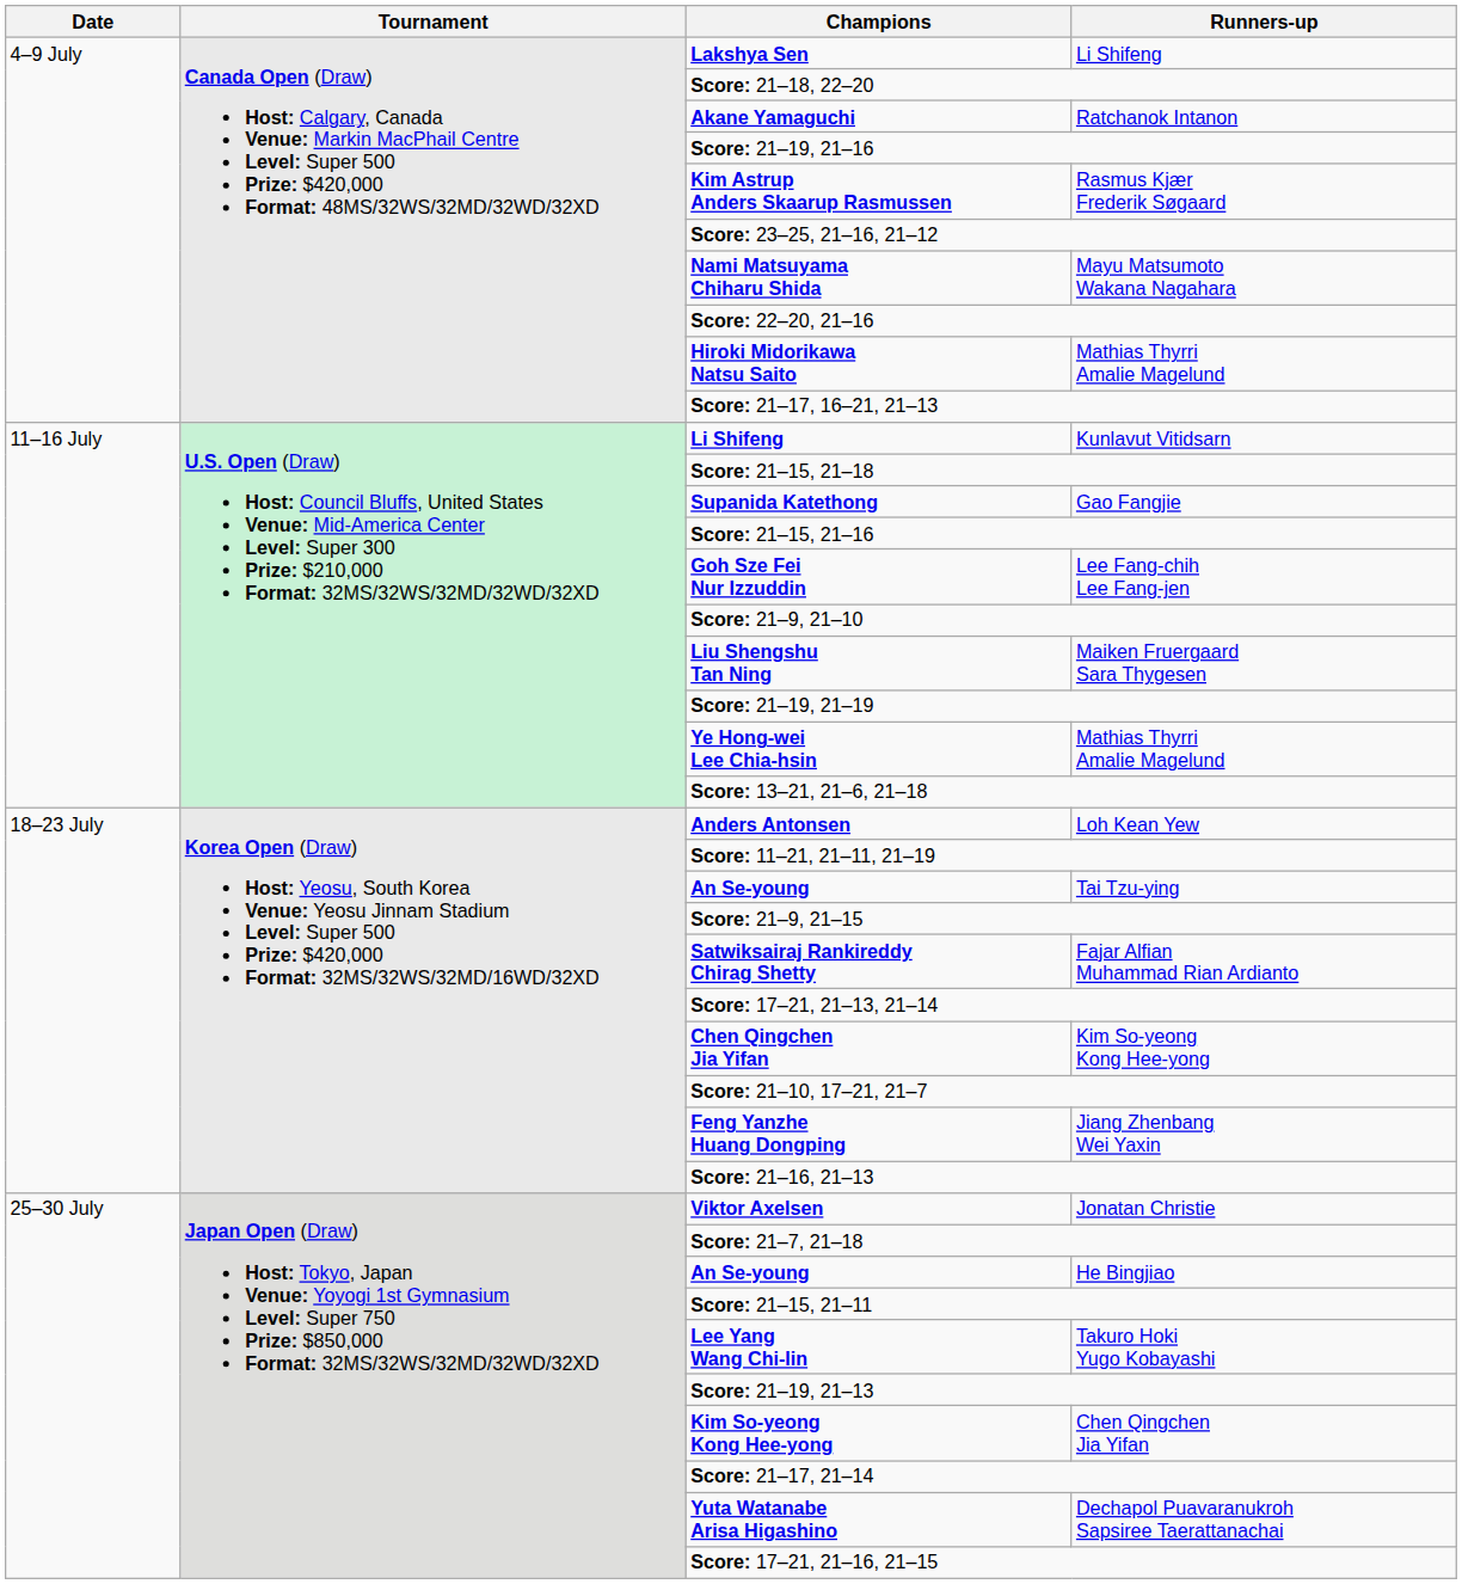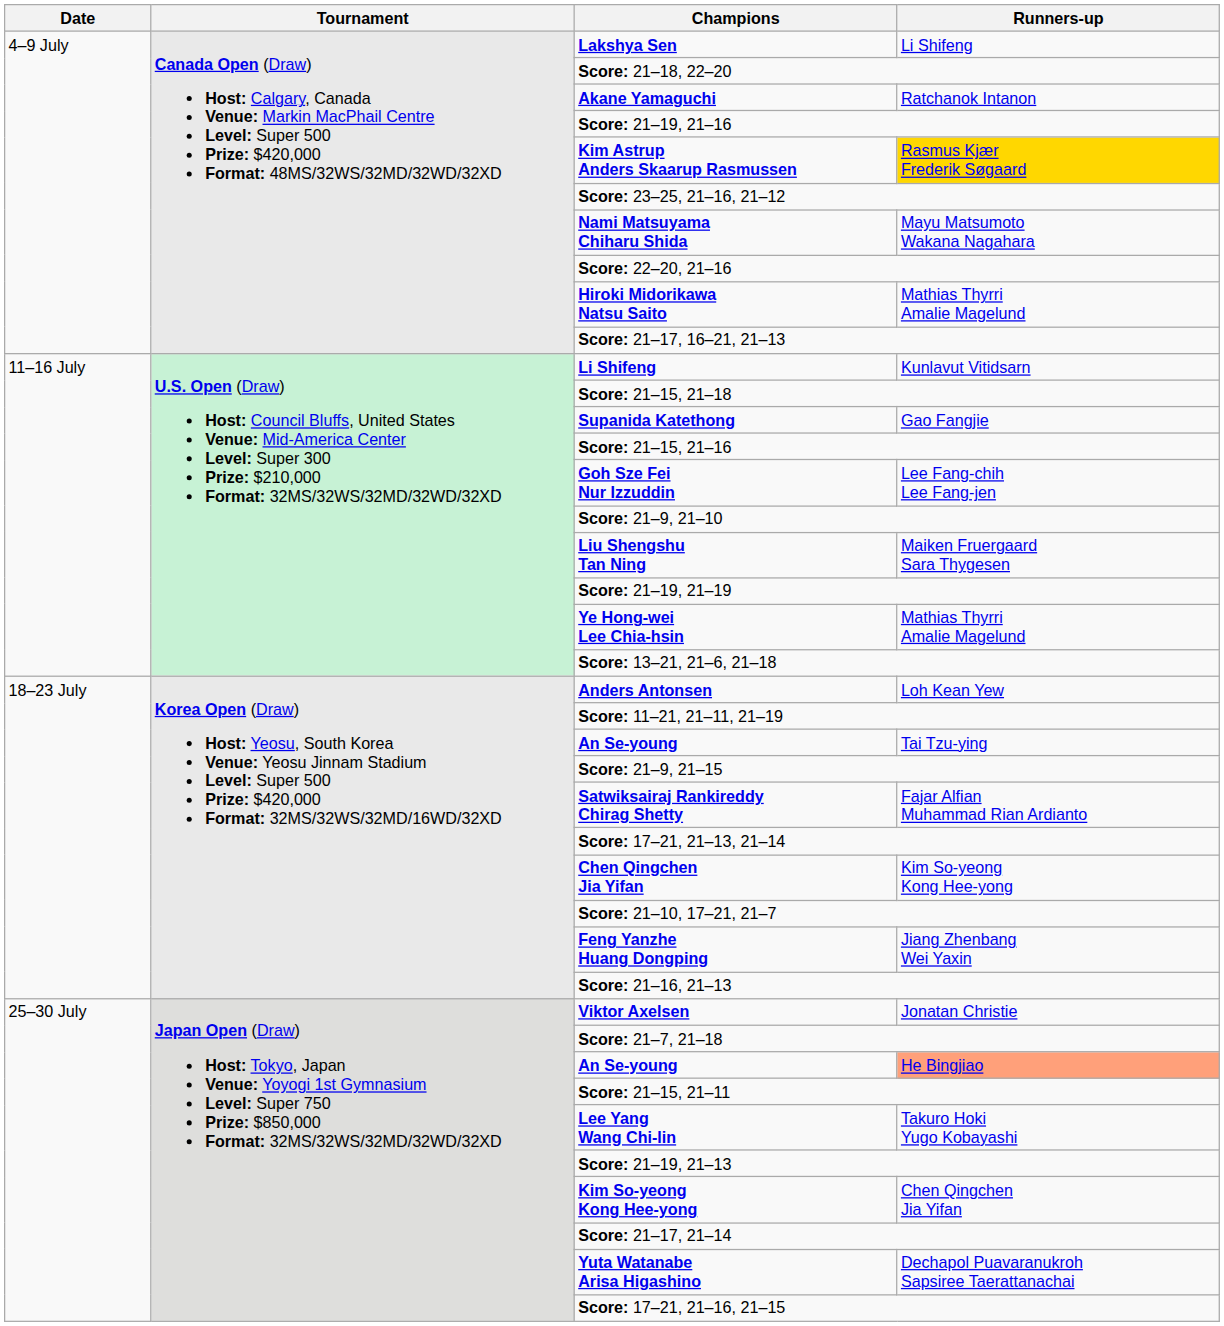 <table class="wikitable" style="font-size:80%">
 <tr>
 <th width="110">Date</th>
 <th width="330">Tournament</th>
 <th width="250">Champions</th>
 <th width="250">Runners-up</th>
 </tr>
 <tr valign="top">
 <td rowspan="10">4–9 July</td>
 <td bgcolor="#E9E9E9" rowspan="10"><br><strong><a href='#'>Canada Open</a></strong> (<a href='#'>Draw</a>)<ul><li><strong>Host:</strong> <a href='#'>Calgary</a>, Canada</li><li><strong>Venue:</strong> <a href='#'>Markin MacPhail Centre</a></li><li><strong>Level:</strong> Super 500</li><li><strong>Prize:</strong> $420,000</li><li><strong>Format:</strong> 48MS/32WS/32MD/32WD/32XD</li></ul></td>
 <td><strong> <a href='#'>Lakshya Sen</a></strong></td>
 <td> <a href='#'>Li Shifeng</a></td>
 </tr>
 <tr>
 <td colspan="2"><strong>Score:</strong> 21–18, 22–20</td>
 </tr>
 <tr valign="top">
 <td><strong> <a href='#'>Akane Yamaguchi</a></strong></td>
 <td> <a href='#'>Ratchanok Intanon</a></td>
 </tr>
 <tr>
 <td colspan="2"><strong>Score:</strong> 21–19, 21–16</td>
 </tr>
 <tr valign="top">
 <td><strong> <a href='#'>Kim Astrup</a><br> <a href='#'>Anders Skaarup Rasmussen</a></strong></td>
-<td> <a href='#'>Rasmus Kjær</a><br> <a href='#'>Frederik Søgaard</a></td>
+<td style="background: gold;"> <a href='#'>Rasmus Kjær</a><br> <a href='#'>Frederik Søgaard</a></td>
 </tr>
 <tr>
 <td colspan="2"><strong>Score:</strong> 23–25, 21–16, 21–12</td>
 </tr>
 <tr valign="top">
 <td><strong> <a href='#'>Nami Matsuyama</a><br> <a href='#'>Chiharu Shida</a></strong></td>
 <td> <a href='#'>Mayu Matsumoto</a><br> <a href='#'>Wakana Nagahara</a></td>
 </tr>
 <tr>
 <td colspan="2"><strong>Score:</strong> 22–20, 21–16</td>
 </tr>
 <tr valign="top">
 <td><strong> <a href='#'>Hiroki Midorikawa</a><br> <a href='#'>Natsu Saito</a></strong></td>
 <td> <a href='#'>Mathias Thyrri</a><br> <a href='#'>Amalie Magelund</a></td>
 </tr>
 <tr>
 <td colspan="2"><strong>Score:</strong> 21–17, 16–21, 21–13</td>
 </tr>
 <tr valign="top">
 <td rowspan="10">11–16 July</td>
 <td bgcolor="#C7F2D5" rowspan="10"><br><strong><a href='#'>U.S. Open</a></strong> (<a href='#'>Draw</a>)<ul><li><strong>Host:</strong> <a href='#'>Council Bluffs</a>, United States</li><li><strong>Venue:</strong> <a href='#'>Mid-America Center</a></li><li><strong>Level:</strong> Super 300</li><li><strong>Prize:</strong> $210,000</li><li><strong>Format:</strong> 32MS/32WS/32MD/32WD/32XD</li></ul></td>
 <td><strong> <a href='#'>Li Shifeng</a></strong></td>
 <td> <a href='#'>Kunlavut Vitidsarn</a></td>
 </tr>
 <tr>
 <td colspan="2"><strong>Score:</strong> 21–15, 21–18</td>
 </tr>
 <tr valign="top">
 <td><strong> <a href='#'>Supanida Katethong</a></strong></td>
 <td> <a href='#'>Gao Fangjie</a></td>
 </tr>
 <tr>
 <td colspan="2"><strong>Score:</strong> 21–15, 21–16</td>
 </tr>
 <tr valign="top">
 <td><strong> <a href='#'>Goh Sze Fei</a><br> <a href='#'>Nur Izzuddin</a></strong></td>
 <td> <a href='#'>Lee Fang-chih</a><br> <a href='#'>Lee Fang-jen</a></td>
 </tr>
 <tr>
 <td colspan="2"><strong>Score:</strong> 21–9, 21–10</td>
 </tr>
 <tr valign="top">
 <td><strong> <a href='#'>Liu Shengshu</a><br> <a href='#'>Tan Ning</a></strong></td>
 <td> <a href='#'>Maiken Fruergaard</a><br> <a href='#'>Sara Thygesen</a></td>
 </tr>
 <tr>
 <td colspan="2"><strong>Score:</strong> 21–19, 21–19</td>
 </tr>
 <tr valign="top">
 <td><strong> <a href='#'>Ye Hong-wei</a><br> <a href='#'>Lee Chia-hsin</a></strong></td>
 <td> <a href='#'>Mathias Thyrri</a><br> <a href='#'>Amalie Magelund</a></td>
 </tr>
 <tr>
 <td colspan="2"><strong>Score:</strong> 13–21, 21–6, 21–18</td>
 </tr>
 <tr valign="top">
 <td rowspan="10">18–23 July</td>
 <td bgcolor="#E9E9E9" rowspan="10"><br><strong><a href='#'>Korea Open</a></strong> (<a href='#'>Draw</a>)<ul><li><strong>Host:</strong> <a href='#'>Yeosu</a>, South Korea</li><li><strong>Venue:</strong> Yeosu Jinnam Stadium</li><li><strong>Level:</strong> Super 500</li><li><strong>Prize:</strong> $420,000</li><li><strong>Format:</strong> 32MS/32WS/32MD/16WD/32XD</li></ul></td>
 <td><strong> <a href='#'>Anders Antonsen</a></strong></td>
 <td> <a href='#'>Loh Kean Yew</a></td>
 </tr>
 <tr>
 <td colspan="2"><strong>Score:</strong> 11–21, 21–11, 21–19</td>
 </tr>
 <tr valign="top">
 <td><strong> <a href='#'>An Se-young</a></strong></td>
 <td> <a href='#'>Tai Tzu-ying</a></td>
 </tr>
 <tr>
 <td colspan="2"><strong>Score:</strong> 21–9, 21–15</td>
 </tr>
 <tr valign="top">
 <td><strong> <a href='#'>Satwiksairaj Rankireddy</a><br> <a href='#'>Chirag Shetty</a></strong></td>
 <td> <a href='#'>Fajar Alfian</a><br> <a href='#'>Muhammad Rian Ardianto</a></td>
 </tr>
 <tr>
 <td colspan="2"><strong>Score:</strong> 17–21, 21–13, 21–14</td>
 </tr>
 <tr valign="top">
 <td><strong> <a href='#'>Chen Qingchen</a><br> <a href='#'>Jia Yifan</a></strong></td>
 <td> <a href='#'>Kim So-yeong</a><br> <a href='#'>Kong Hee-yong</a></td>
 </tr>
 <tr>
 <td colspan="2"><strong>Score:</strong> 21–10, 17–21, 21–7</td>
 </tr>
 <tr valign="top">
 <td><strong> <a href='#'>Feng Yanzhe</a><br> <a href='#'>Huang Dongping</a></strong></td>
 <td> <a href='#'>Jiang Zhenbang</a><br> <a href='#'>Wei Yaxin</a></td>
 </tr>
 <tr>
 <td colspan="2"><strong>Score:</strong> 21–16, 21–13</td>
 </tr>
 <tr valign="top">
 <td rowspan="10">25–30 July</td>
 <td bgcolor="#DEDEDC" rowspan="10"><br><strong><a href='#'>Japan Open</a></strong> (<a href='#'>Draw</a>)<ul><li><strong>Host:</strong> <a href='#'>Tokyo</a>, Japan</li><li><strong>Venue:</strong> <a href='#'>Yoyogi 1st Gymnasium</a></li><li><strong>Level:</strong> Super 750</li><li><strong>Prize:</strong> $850,000</li><li><strong>Format:</strong> 32MS/32WS/32MD/32WD/32XD</li></ul></td>
 <td><strong> <a href='#'>Viktor Axelsen</a></strong></td>
 <td> <a href='#'>Jonatan Christie</a></td>
 </tr>
 <tr>
 <td colspan="2"><strong>Score:</strong> 21–7, 21–18</td>
 </tr>
 <tr valign="top">
 <td><strong> <a href='#'>An Se-young</a></strong></td>
-<td> <a href='#'>He Bingjiao</a></td>
+<td style="background: lightsalmon;"> <a href='#'>He Bingjiao</a></td>
 </tr>
 <tr>
 <td colspan="2"><strong>Score:</strong> 21–15, 21–11</td>
 </tr>
 <tr valign="top">
 <td><strong> <a href='#'>Lee Yang</a><br> <a href='#'>Wang Chi-lin</a></strong></td>
 <td> <a href='#'>Takuro Hoki</a><br> <a href='#'>Yugo Kobayashi</a></td>
 </tr>
 <tr>
 <td colspan="2"><strong>Score:</strong> 21–19, 21–13</td>
 </tr>
 <tr valign="top">
 <td><strong> <a href='#'>Kim So-yeong</a><br> <a href='#'>Kong Hee-yong</a></strong></td>
 <td> <a href='#'>Chen Qingchen</a><br> <a href='#'>Jia Yifan</a></td>
 </tr>
 <tr>
 <td colspan="2"><strong>Score:</strong> 21–17, 21–14</td>
 </tr>
 <tr valign="top">
 <td><strong> <a href='#'>Yuta Watanabe</a><br> <a href='#'>Arisa Higashino</a></strong></td>
 <td> <a href='#'>Dechapol Puavaranukroh</a><br> <a href='#'>Sapsiree Taerattanachai</a></td>
 </tr>
 <tr>
 <td colspan="2"><strong>Score:</strong> 17–21, 21–16, 21–15</td>
 </tr>
 </table>
